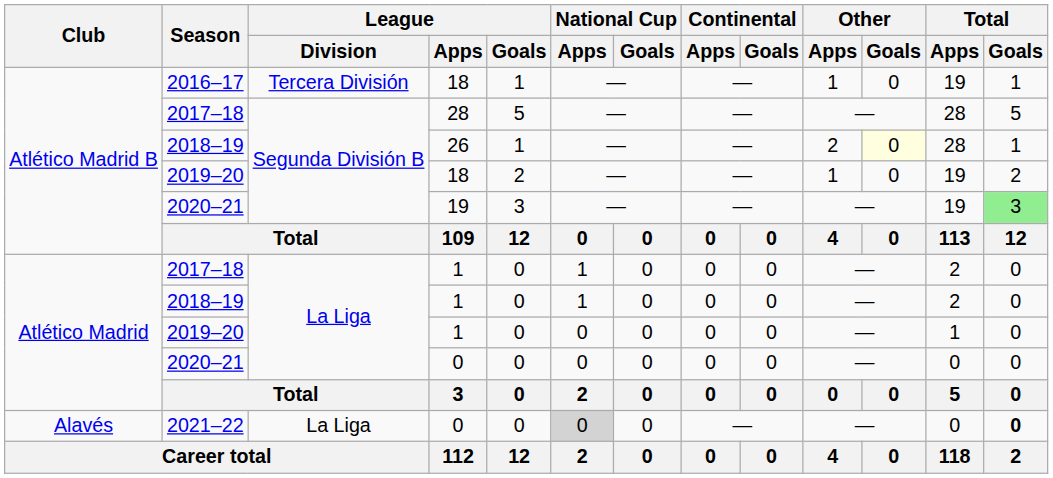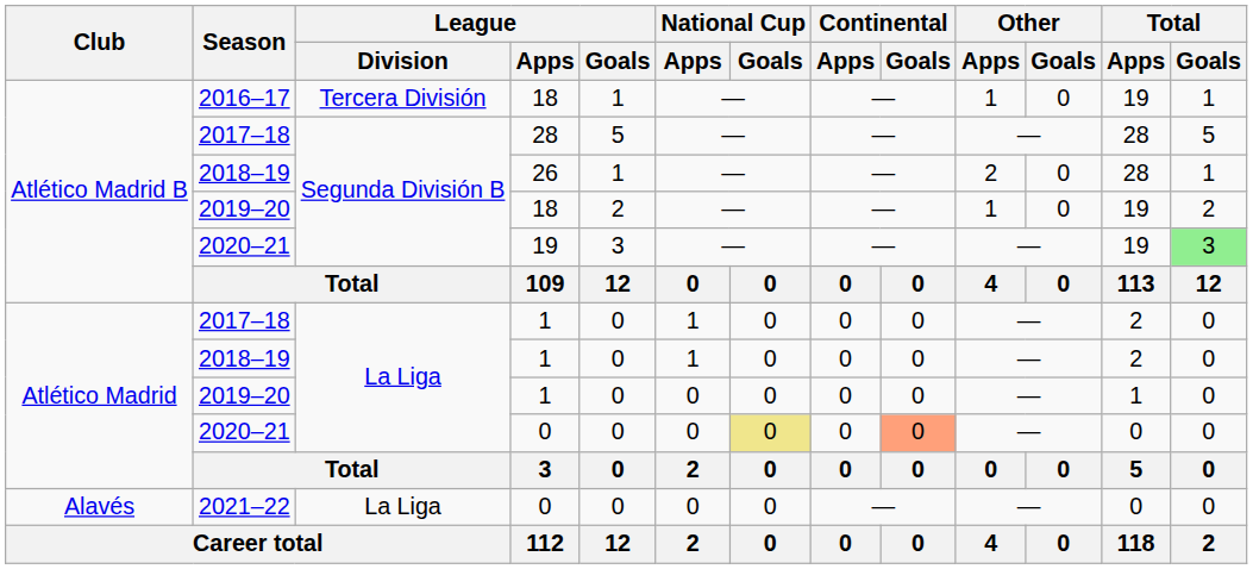 <table class="wikitable" style="text-align:center">
 <tr>
 <th rowspan="2">Club</th>
 <th rowspan="2">Season</th>
 <th colspan="3">League</th>
 <th colspan="2">National Cup</th>
 <th colspan="2">Continental</th>
 <th colspan="2">Other</th>
 <th colspan="2">Total</th>
 </tr>
 <tr>
 <th>Division</th>
 <th>Apps</th>
 <th>Goals</th>
 <th>Apps</th>
 <th>Goals</th>
 <th>Apps</th>
 <th>Goals</th>
 <th>Apps</th>
 <th>Goals</th>
 <th>Apps</th>
 <th>Goals</th>
 </tr>
 <tr>
 <td rowspan="6"><a href='#'>Atlético Madrid B</a></td>
 <td><a href='#'>2016–17</a></td>
 <td><a href='#'>Tercera División</a></td>
 <td>18</td>
 <td>1</td>
 <td colspan="2">—</td>
 <td colspan="2">—</td>
 <td>1</td>
 <td>0</td>
 <td>19</td>
 <td>1</td>
 </tr>
 <tr>
 <td><a href='#'>2017–18</a></td>
 <td rowspan="4"><a href='#'>Segunda División B</a></td>
 <td>28</td>
 <td>5</td>
 <td colspan="2">—</td>
 <td colspan="2">—</td>
 <td colspan="2">—</td>
 <td>28</td>
 <td>5</td>
 </tr>
 <tr>
 <td><a href='#'>2018–19</a></td>
 <td>26</td>
 <td>1</td>
 <td colspan="2">—</td>
 <td colspan="2">—</td>
 <td>2</td>
-<td style="background: lightyellow;">0</td>
+<td>0</td>
 <td>28</td>
 <td>1</td>
 </tr>
 <tr>
 <td><a href='#'>2019–20</a></td>
 <td>18</td>
 <td>2</td>
 <td colspan="2">—</td>
 <td colspan="2">—</td>
 <td>1</td>
 <td>0</td>
 <td>19</td>
 <td>2</td>
 </tr>
 <tr>
 <td><a href='#'>2020–21</a></td>
 <td>19</td>
 <td>3</td>
 <td colspan="2">—</td>
 <td colspan="2">—</td>
 <td colspan="2">—</td>
 <td>19</td>
 <td style="background: lightgreen;">3</td>
 </tr>
 <tr>
 <th colspan="2">Total</th>
 <th>109</th>
 <th>12</th>
 <th>0</th>
 <th>0</th>
 <th>0</th>
 <th>0</th>
 <th>4</th>
 <th>0</th>
 <th>113</th>
 <th>12</th>
 </tr>
 <tr>
 <td rowspan="5"><a href='#'>Atlético Madrid</a></td>
 <td><a href='#'>2017–18</a></td>
 <td rowspan="4"><a href='#'>La Liga</a></td>
 <td>1</td>
 <td>0</td>
 <td>1</td>
 <td>0</td>
 <td>0</td>
 <td>0</td>
 <td colspan="2">—</td>
 <td>2</td>
 <td>0</td>
 </tr>
 <tr>
 <td><a href='#'>2018–19</a></td>
 <td>1</td>
 <td>0</td>
 <td>1</td>
 <td>0</td>
 <td>0</td>
 <td>0</td>
 <td colspan="2">—</td>
 <td>2</td>
 <td>0</td>
 </tr>
 <tr>
 <td><a href='#'>2019–20</a></td>
 <td>1</td>
 <td>0</td>
 <td>0</td>
 <td>0</td>
 <td>0</td>
 <td>0</td>
 <td colspan="2">—</td>
 <td>1</td>
 <td>0</td>
 </tr>
 <tr>
 <td><a href='#'>2020–21</a></td>
 <td>0</td>
 <td>0</td>
 <td>0</td>
+<td style="background: khaki;">0</td>
 <td>0</td>
-<td>0</td>
-<td>0</td>
+<td style="background: lightsalmon;">0</td>
 <td colspan="2">—</td>
 <td>0</td>
 <td>0</td>
 </tr>
 <tr>
 <th colspan="2">Total</th>
 <th>3</th>
 <th>0</th>
 <th>2</th>
 <th>0</th>
 <th>0</th>
 <th>0</th>
 <th>0</th>
 <th>0</th>
 <th>5</th>
 <th>0</th>
 </tr>
 <tr>
 <td><a href='#'>Alavés</a></td>
 <td><a href='#'>2021–22</a></td>
 <td>La Liga</td>
 <td>0</td>
 <td>0</td>
-<td style="background: lightgrey;">0</td>
+<td>0</td>
 <td>0</td>
 <td colspan="2">—</td>
 <td colspan="2">—</td>
 <td>0</td>
-<td><strong>0</strong></td>
+<td>0</td>
 </tr>
 <tr>
 <th colspan="3">Career total</th>
 <th>112</th>
 <th>12</th>
 <th>2</th>
 <th>0</th>
 <th>0</th>
 <th>0</th>
 <th>4</th>
 <th>0</th>
 <th>118</th>
 <th>2</th>
 </tr>
 </table>
